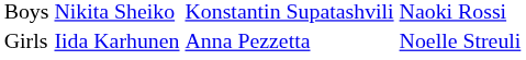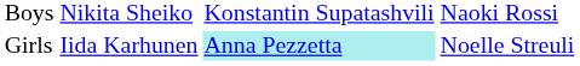 <table>
 <tr>
 <td>Boys</td>
 <td><a href='#'>Nikita Sheiko</a><br></td>
 <td><a href='#'>Konstantin Supatashvili</a><br></td>
 <td><a href='#'>Naoki Rossi</a><br></td>
 </tr>
 <tr>
 <td>Girls</td>
 <td><a href='#'>Iida Karhunen</a><br></td>
-<td><a href='#'>Anna Pezzetta</a><br></td>
+<td style="background: paleturquoise;"><a href='#'>Anna Pezzetta</a><br></td>
 <td><a href='#'>Noelle Streuli</a><br></td>
 </tr>
 </table>
